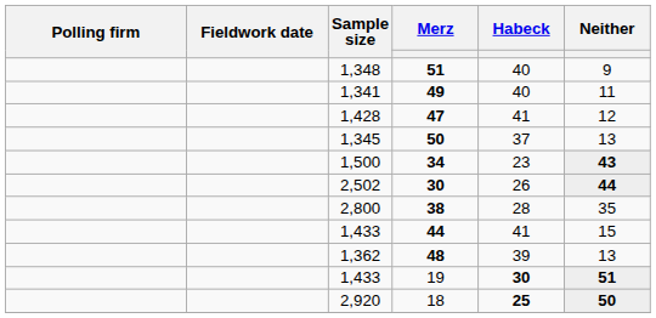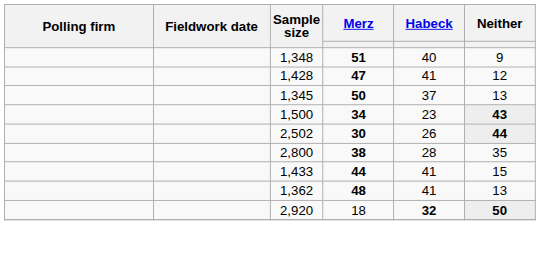 <table class="wikitable sortable mw-datatable" style="text-align:center;font-size:90%;line-height:14px;">
 <tr style="height:40px;">
 <th style="width:155px;" rowspan="2">Polling firm</th>
 <th style="width:120px;" rowspan="2">Fieldwork date</th>
 <th style="width: 35px;" rowspan="2">Sample<br>size</th>
 <th class="unsortable" style="width:70px;"><a href='#'>Merz</a><br></th>
 <th class="unsortable" style="width:70px;"><a href='#'>Habeck</a><br></th>
 <th class="unsortable" style="width:70px;">Neither</th>
 </tr>
 <tr>
 <th style="background:"></th>
 <th style="background:"></th>
 <th style="background:"></th>
 </tr>
 <tr>
 <td></td>
 <td></td>
 <td>1,348</td>
 <td><strong>51</strong></td>
 <td>40</td>
 <td>9</td>
-</tr>
-<tr>
-<td></td>
-<td></td>
-<td>1,341</td>
-<td><strong>49</strong></td>
-<td>40</td>
-<td>11</td>
 </tr>
 <tr>
 <td></td>
 <td></td>
 <td>1,428</td>
 <td><strong>47</strong></td>
 <td>41</td>
 <td>12</td>
 </tr>
 <tr>
 <td></td>
 <td></td>
 <td>1,345</td>
 <td><strong>50</strong></td>
 <td>37</td>
 <td>13</td>
 </tr>
 <tr>
 <td></td>
 <td></td>
 <td>1,500</td>
 <td><strong>34</strong></td>
 <td>23</td>
 <td style="background:#EEEEEE;"><strong>43</strong></td>
 </tr>
 <tr>
 <td></td>
 <td></td>
 <td>2,502</td>
 <td><strong>30</strong></td>
 <td>26</td>
 <td style="background:#EEEEEE;"><strong>44</strong></td>
 </tr>
 <tr>
 <td></td>
 <td></td>
 <td>2,800</td>
 <td><strong>38</strong></td>
 <td>28</td>
 <td>35</td>
 </tr>
 <tr>
 <td></td>
 <td></td>
 <td>1,433</td>
 <td><strong>44</strong></td>
 <td>41</td>
 <td>15</td>
 </tr>
 <tr>
 <td></td>
 <td></td>
 <td>1,362</td>
 <td><strong>48</strong></td>
-<td>39</td>
+<td>41</td>
 <td>13</td>
-</tr>
-<tr>
-<td></td>
-<td></td>
-<td>1,433</td>
-<td>19</td>
-<td><strong>30</strong></td>
-<td style="background:#EEEEEE;"><strong>51</strong></td>
 </tr>
 <tr>
 <td></td>
 <td></td>
 <td>2,920</td>
 <td>18</td>
-<td><strong>25</strong></td>
+<td><strong>32</strong></td>
 <td style="background:#EEEEEE;"><strong>50</strong></td>
 </tr>
 <tr>
 </tr>
 </table>
